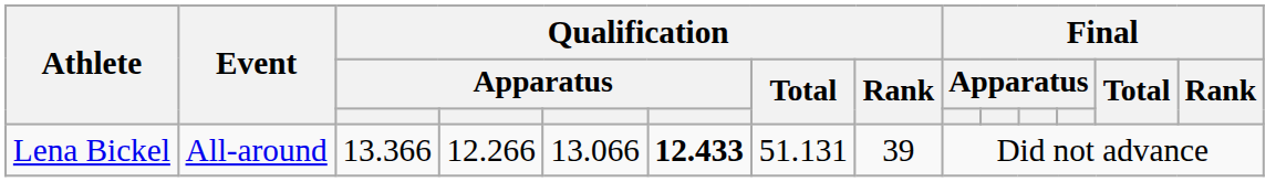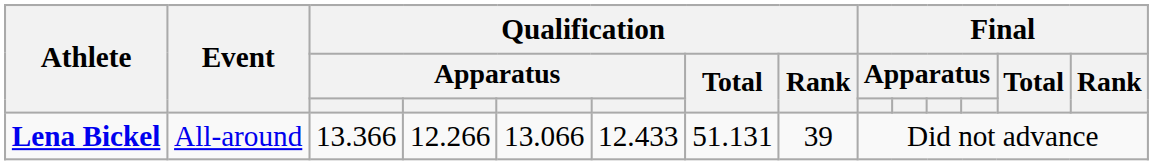 <table class=wikitable style=font-size:90%>
 <tr>
 <th rowspan=3>Athlete</th>
 <th rowspan=3>Event</th>
 <th colspan=6>Qualification</th>
 <th colspan=6>Final</th>
 </tr>
 <tr style=font-size:95%>
 <th colspan=4>Apparatus</th>
 <th rowspan=2>Total</th>
 <th rowspan=2>Rank</th>
 <th colspan=4>Apparatus</th>
 <th rowspan=2>Total</th>
 <th rowspan=2>Rank</th>
 </tr>
 <tr style=font-size:95%>
 <th></th>
 <th></th>
 <th></th>
 <th></th>
 <th></th>
 <th></th>
 <th></th>
 <th></th>
 </tr>
 <tr align=center>
-<td align=left><a href='#'>Lena Bickel</a></td>
+<td align=left><strong><a href='#'>Lena Bickel</a></strong></td>
 <td align=left><a href='#'>All-around</a></td>
 <td>13.366</td>
 <td>12.266</td>
 <td>13.066</td>
-<td><strong>12.433</strong></td>
+<td>12.433</td>
 <td>51.131</td>
 <td>39</td>
 <td colspan="6">Did not advance</td>
 </tr>
 </table>
